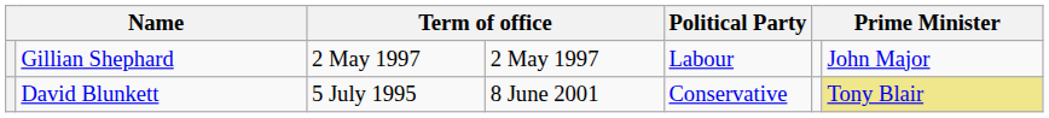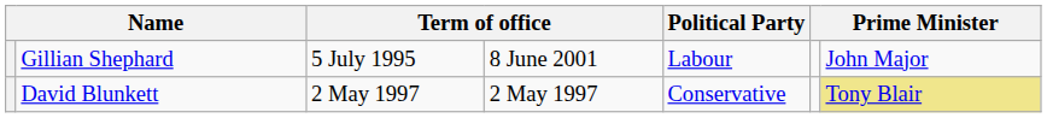 <table class="wikitable">
 <tr>
 <th colspan=2>Name</th>
 <th colspan=2>Term of office</th>
 <th>Political Party</th>
 <th colspan=2>Prime Minister</th>
 </tr>
 <tr>
 <th style="background-color: "></th>
 <td width=200><a href='#'>Gillian Shephard</a></td>
-<td>2 May 1997</td>
-<td width=120>2 May 1997</td>
+<td width=120>5 July 1995</td>
+<td>8 June 2001</td>
 <td><a href='#'>Labour</a></td>
 <td style="background-color: "></td>
 <td width=150><a href='#'>John Major</a></td>
 </tr>
 <tr>
 <th style="background-color: "></th>
 <td><a href='#'>David Blunkett</a></td>
-<td width=120>5 July 1995</td>
-<td>8 June 2001</td>
+<td>2 May 1997</td>
+<td width=120>2 May 1997</td>
 <td><a href='#'>Conservative</a></td>
 <td style="background-color: "></td>
 <td style="background: khaki;"><a href='#'>Tony Blair</a></td>
 </tr>
 </table>
